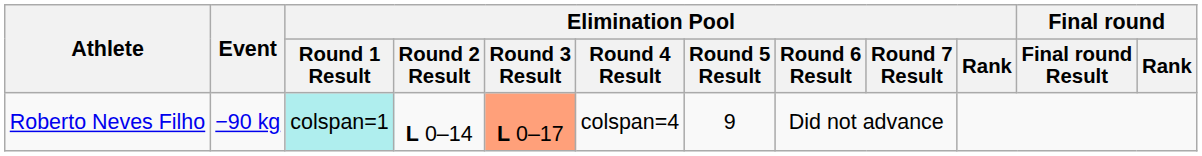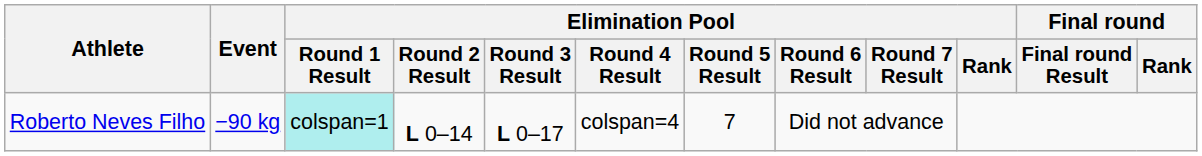 <table class="wikitable" style="font-size:90%">
 <tr>
 <th rowspan="2">Athlete</th>
 <th rowspan="2">Event</th>
 <th colspan=8>Elimination Pool</th>
 <th colspan=2>Final round</th>
 </tr>
 <tr style="font-size: 95%">
 <th>Round 1<br>Result</th>
 <th>Round 2<br>Result</th>
 <th>Round 3<br>Result</th>
 <th>Round 4<br>Result</th>
 <th>Round 5<br>Result</th>
 <th>Round 6<br>Result</th>
 <th>Round 7<br>Result</th>
 <th>Rank</th>
 <th>Final round<br>Result</th>
 <th>Rank</th>
 </tr>
 <tr align=center>
 <td align=left><a href='#'>Roberto Neves Filho</a></td>
 <td align=left><a href='#'>−90 kg</a></td>
 <td style="background: paleturquoise;">colspan=1 </td>
 <td><br><strong>L</strong> 0–14</td>
-<td style="background: lightsalmon;"><br><strong>L</strong> 0–17</td>
+<td><br><strong>L</strong> 0–17</td>
 <td>colspan=4 </td>
-<td>9</td>
+<td>7</td>
 <td colspan=2>Did not advance</td>
 </tr>
 </table>
